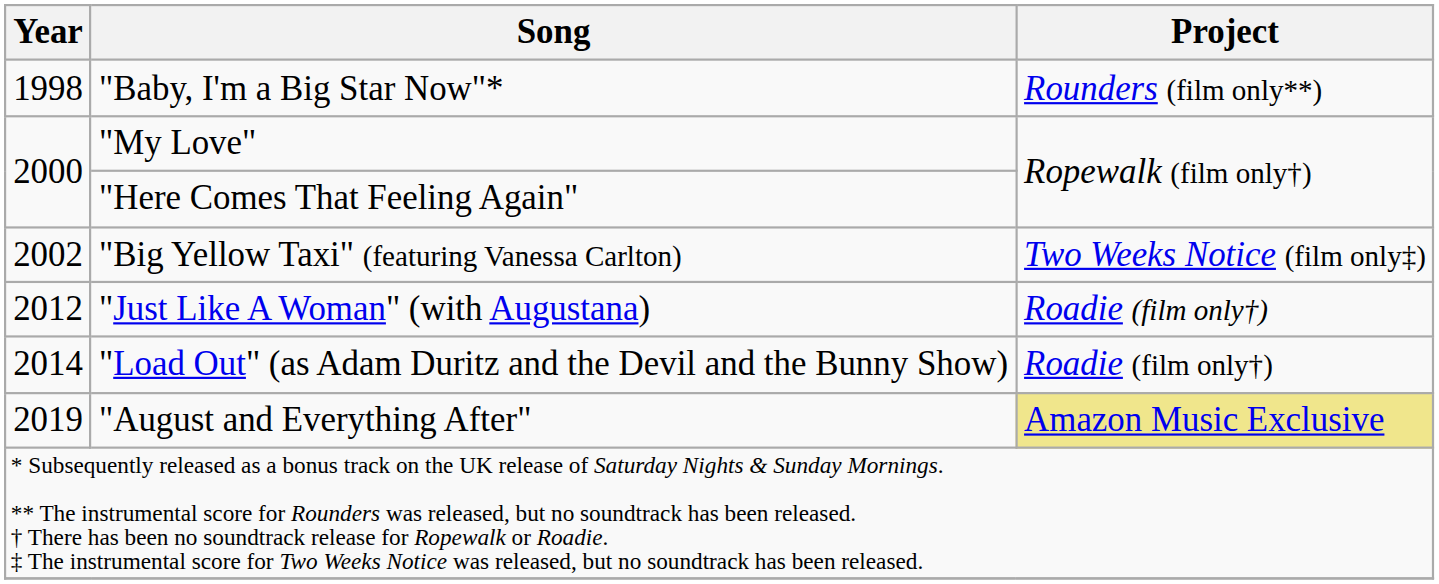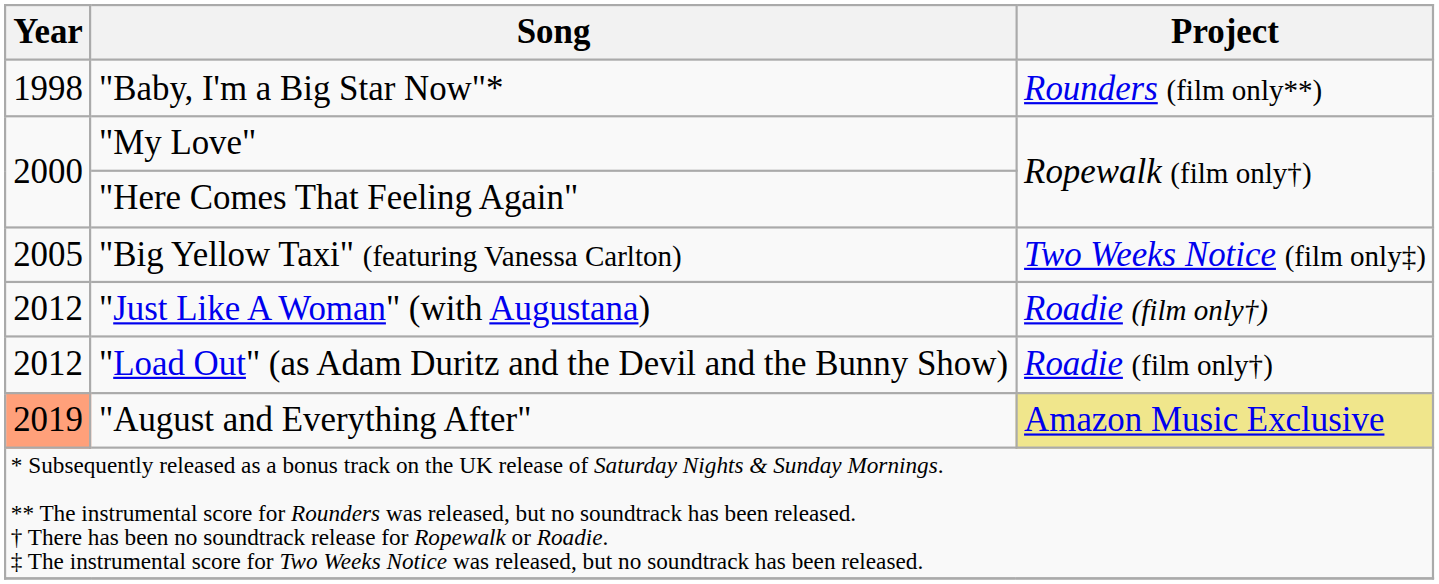 <table class="wikitable">
 <tr>
 <th>Year</th>
 <th>Song</th>
 <th>Project</th>
 </tr>
 <tr>
 <td>1998</td>
 <td>"Baby, I'm a Big Star Now"*</td>
 <td><em><a href='#'>Rounders</a></em> <small>(film only**)</small></td>
 </tr>
 <tr>
 <td rowspan="2">2000</td>
 <td>"My Love"</td>
 <td rowspan="2"><em>Ropewalk</em> <small>(film only†)</small></td>
 </tr>
 <tr>
 <td>"Here Comes That Feeling Again"</td>
 </tr>
 <tr>
-<td>2002</td>
+<td>2005</td>
 <td>"Big Yellow Taxi" <small>(featuring Vanessa Carlton)</small></td>
 <td><em><a href='#'>Two Weeks Notice</a></em> <small>(film only‡)</small></td>
 </tr>
 <tr>
 <td>2012</td>
 <td>"<a href='#'>Just Like A Woman</a>" (with <a href='#'>Augustana</a>)</td>
 <td><em><a href='#'>Roadie</a> <small>(film only†)</small></em></td>
 </tr>
 <tr>
-<td>2014</td>
+<td>2012</td>
 <td>"<a href='#'>Load Out</a>" (as Adam Duritz and the Devil and the Bunny Show)</td>
 <td><a href='#'><em>Roadie</em></a> <small>(film only†)</small> </td>
 </tr>
 <tr>
-<td>2019</td>
+<td style="background: lightsalmon;">2019</td>
 <td>"August and Everything After"</td>
 <td style="background: khaki;"><a href='#'>Amazon Music Exclusive</a></td>
 </tr>
 <tr>
 <td colspan="10" style="font-size:8pt">* Subsequently released as a bonus track on the UK release of <em>Saturday Nights & Sunday Mornings</em>.<br><br>&ast;&ast; The instrumental score for <em>Rounders</em> was released, but no soundtrack has been released.<br> † There has been no soundtrack release for <em>Ropewalk</em> or <em>Roadie</em>.<br> ‡ The instrumental score for <em>Two Weeks Notice</em> was released, but no soundtrack has been released.</td>
 </tr>
 <tr>
 </tr>
 </table>
